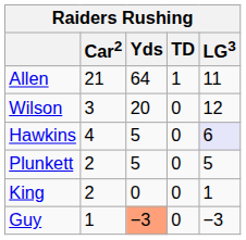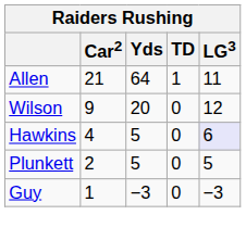 <table class="wikitable">
 <tr>
 <th colspan="5">Raiders Rushing</th>
 </tr>
 <tr>
 <th></th>
 <th>Car<sup>2</sup></th>
 <th>Yds</th>
 <th>TD</th>
 <th>LG<sup>3</sup></th>
 </tr>
 <tr>
 <td><a href='#'>Allen</a></td>
 <td>21</td>
 <td>64</td>
 <td>1</td>
 <td>11</td>
 </tr>
 <tr>
 <td><a href='#'>Wilson</a></td>
-<td>3</td>
+<td>9</td>
 <td>20</td>
 <td>0</td>
 <td>12</td>
 </tr>
 <tr>
 <td><a href='#'>Hawkins</a></td>
 <td>4</td>
 <td>5</td>
 <td>0</td>
 <td style="background: lavender;">6</td>
 </tr>
 <tr>
 <td><a href='#'>Plunkett</a></td>
 <td>2</td>
 <td>5</td>
 <td>0</td>
 <td>5</td>
 </tr>
 <tr>
-<td><a href='#'>King</a></td>
-<td>2</td>
-<td>0</td>
-<td>0</td>
-<td>1</td>
-</tr>
-<tr>
 <td><a href='#'>Guy</a></td>
 <td>1</td>
-<td style="background: lightsalmon;">−3</td>
+<td>−3</td>
 <td>0</td>
 <td>−3</td>
 </tr>
 </table>
